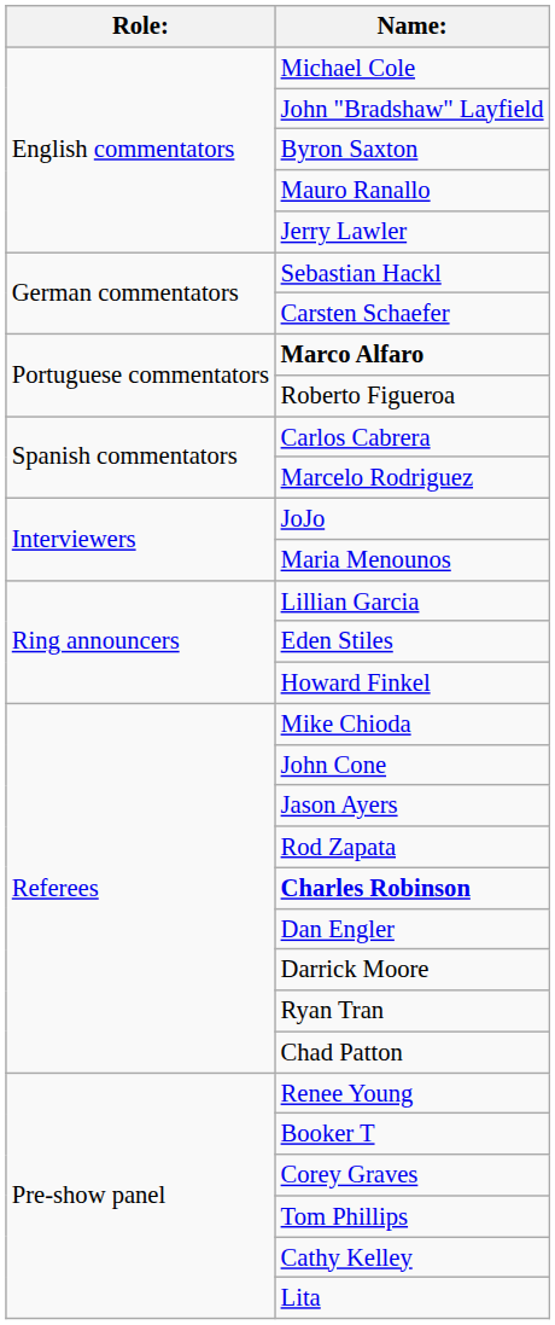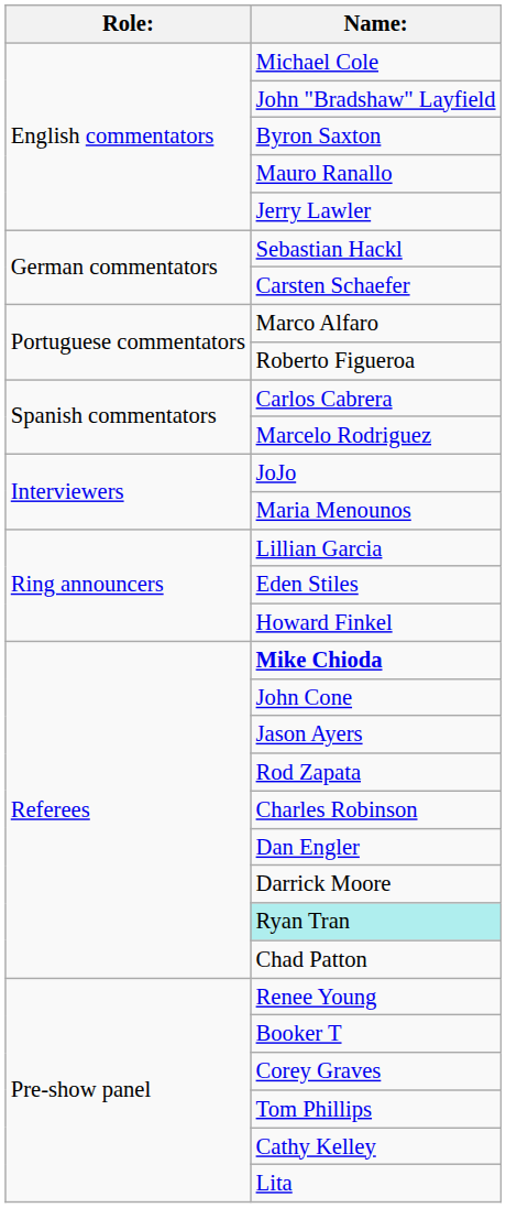 <table class=wikitable style="font-size:90%; margin: 0.5em 0 0.5em 1em; float: right; clear: right;">
 <tr>
 <th>Role:</th>
 <th>Name:</th>
 </tr>
 <tr>
 <td rowspan=5>English <a href='#'>commentators</a></td>
 <td><a href='#'>Michael Cole</a> </td>
 </tr>
 <tr>
 <td><a href='#'>John "Bradshaw" Layfield</a> </td>
 </tr>
 <tr>
 <td><a href='#'>Byron Saxton</a> </td>
 </tr>
 <tr>
 <td><a href='#'>Mauro Ranallo</a> </td>
 </tr>
 <tr>
 <td><a href='#'>Jerry Lawler</a> </td>
 </tr>
 <tr>
 <td rowspan=2>German commentators</td>
 <td><a href='#'>Sebastian Hackl</a></td>
 </tr>
 <tr>
 <td><a href='#'>Carsten Schaefer</a></td>
 </tr>
 <tr>
 <td rowspan="2">Portuguese commentators</td>
-<td><strong>Marco Alfaro</strong></td>
+<td>Marco Alfaro</td>
 </tr>
 <tr>
 <td>Roberto Figueroa</td>
 </tr>
 <tr>
 <td rowspan="2">Spanish commentators</td>
 <td><a href='#'>Carlos Cabrera</a></td>
 </tr>
 <tr>
 <td><a href='#'>Marcelo Rodriguez</a></td>
 </tr>
 <tr>
 <td rowspan=2><a href='#'>Interviewers</a></td>
 <td><a href='#'>JoJo</a></td>
 </tr>
 <tr>
 <td><a href='#'>Maria Menounos</a></td>
 </tr>
 <tr>
 <td rowspan=3><a href='#'>Ring announcers</a></td>
 <td><a href='#'>Lillian Garcia</a></td>
 </tr>
 <tr>
 <td><a href='#'>Eden Stiles</a></td>
 </tr>
 <tr>
 <td><a href='#'>Howard Finkel</a> </td>
 </tr>
 <tr>
 <td rowspan=9><a href='#'>Referees</a></td>
-<td><a href='#'>Mike Chioda</a></td>
+<td><strong><a href='#'>Mike Chioda</a></strong></td>
 </tr>
 <tr>
 <td><a href='#'>John Cone</a></td>
 </tr>
 <tr>
 <td><a href='#'>Jason Ayers</a></td>
 </tr>
 <tr>
 <td><a href='#'>Rod Zapata</a></td>
 </tr>
 <tr>
-<td><strong><a href='#'>Charles Robinson</a></strong></td>
+<td><a href='#'>Charles Robinson</a></td>
 </tr>
 <tr>
 <td><a href='#'>Dan Engler</a></td>
 </tr>
 <tr>
 <td>Darrick Moore</td>
 </tr>
 <tr>
-<td>Ryan Tran</td>
+<td style="background: paleturquoise;">Ryan Tran</td>
 </tr>
 <tr>
 <td>Chad Patton</td>
 </tr>
 <tr>
 <td rowspan=6>Pre-show panel</td>
 <td><a href='#'>Renee Young</a></td>
 </tr>
 <tr>
 <td><a href='#'>Booker T</a></td>
 </tr>
 <tr>
 <td><a href='#'>Corey Graves</a></td>
 </tr>
 <tr>
 <td><a href='#'>Tom Phillips</a></td>
 </tr>
 <tr>
 <td><a href='#'>Cathy Kelley</a></td>
 </tr>
 <tr>
 <td><a href='#'>Lita</a></td>
 </tr>
 </table>
